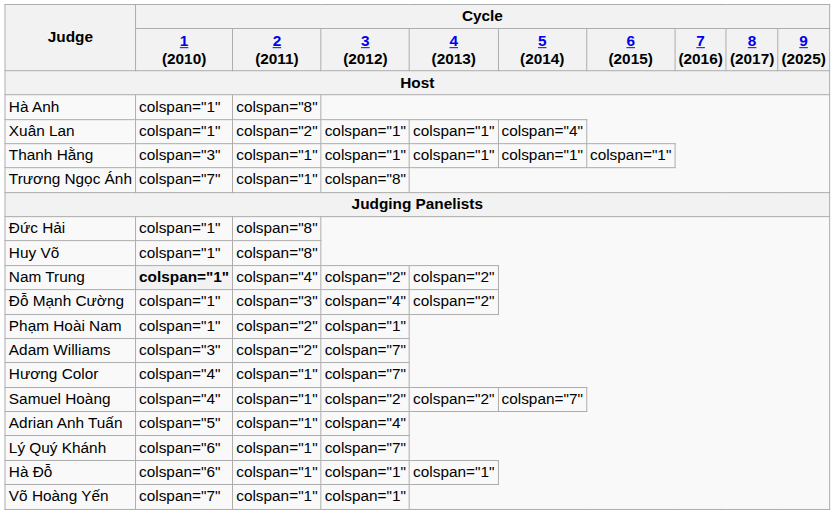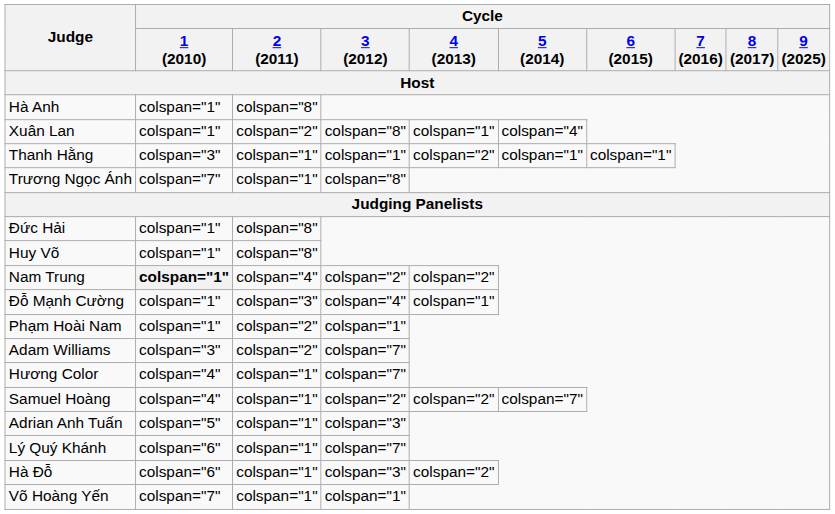 <table class="wikitable" style="margin:1em auto 1em auto;">
 <tr>
 <th rowspan="2">Judge</th>
 <th colspan="9">Cycle</th>
 </tr>
 <tr>
 <th><a href='#'>1</a><br>(2010)</th>
 <th><a href='#'>2</a><br>(2011)</th>
 <th><a href='#'>3</a><br>(2012)</th>
 <th><a href='#'>4</a><br>(2013)</th>
 <th><a href='#'>5</a><br>(2014)</th>
 <th><a href='#'>6</a><br>(2015)</th>
 <th><a href='#'>7</a><br>(2016)</th>
 <th><a href='#'>8</a><br>(2017)</th>
 <th><a href='#'>9</a><br>(2025)</th>
 </tr>
 <tr>
 <th colspan="10">Host</th>
 </tr>
 <tr>
 <td>Hà Anh</td>
 <td>colspan="1" </td>
 <td>colspan="8" </td>
 </tr>
 <tr>
 <td>Xuân Lan</td>
 <td>colspan="1" </td>
 <td>colspan="2" </td>
-<td>colspan="1" </td>
+<td>colspan="8" </td>
 <td>colspan="1" </td>
 <td>colspan="4" </td>
 </tr>
 <tr>
 <td>Thanh Hằng</td>
 <td>colspan="3" </td>
 <td>colspan="1" </td>
 <td>colspan="1" </td>
-<td>colspan="1" </td>
+<td>colspan="2" </td>
 <td>colspan="1" </td>
 <td>colspan="1" </td>
 </tr>
 <tr>
 <td>Trương Ngọc Ánh</td>
 <td>colspan="7" </td>
 <td>colspan="1" </td>
 <td>colspan="8" </td>
 </tr>
 <tr>
 <th colspan="10">Judging Panelists</th>
 </tr>
 <tr>
 <td>Đức Hải</td>
 <td>colspan="1" </td>
 <td>colspan="8" </td>
 </tr>
 <tr>
 <td>Huy Võ</td>
 <td>colspan="1" </td>
 <td>colspan="8" </td>
 </tr>
 <tr>
 <td>Nam Trung</td>
 <th>colspan="1" </th>
 <td>colspan="4" </td>
 <td>colspan="2" </td>
 <td>colspan="2" </td>
 </tr>
 <tr>
 <td>Đỗ Mạnh Cường</td>
 <td>colspan="1" </td>
 <td>colspan="3" </td>
 <td>colspan="4" </td>
-<td>colspan="2" </td>
+<td>colspan="1" </td>
 </tr>
 <tr>
 <td>Phạm Hoài Nam</td>
 <td>colspan="1" </td>
 <td>colspan="2" </td>
 <td>colspan="1" </td>
 </tr>
 <tr>
 <td>Adam Williams</td>
 <td>colspan="3" </td>
 <td>colspan="2" </td>
 <td>colspan="7" </td>
 </tr>
 <tr>
 <td>Hương Color</td>
 <td>colspan="4" </td>
 <td>colspan="1" </td>
 <td>colspan="7" </td>
 </tr>
 <tr>
 <td>Samuel Hoàng</td>
 <td>colspan="4" </td>
 <td>colspan="1" </td>
 <td>colspan="2" </td>
 <td>colspan="2" </td>
 <td>colspan="7" </td>
 </tr>
 <tr>
 <td>Adrian Anh Tuấn</td>
 <td>colspan="5" </td>
 <td>colspan="1" </td>
-<td>colspan="4" </td>
+<td>colspan="3" </td>
 </tr>
 <tr>
 <td>Lý Quý Khánh</td>
 <td>colspan="6" </td>
 <td>colspan="1" </td>
 <td>colspan="7" </td>
 </tr>
 <tr>
 <td>Hà Đỗ</td>
 <td>colspan="6" </td>
 <td>colspan="1" </td>
-<td>colspan="1" </td>
-<td>colspan="1" </td>
+<td>colspan="3" </td>
+<td>colspan="2" </td>
 </tr>
 <tr>
 <td>Võ Hoàng Yến</td>
 <td>colspan="7" </td>
 <td>colspan="1" </td>
 <td>colspan="1" </td>
 </tr>
 </table>
